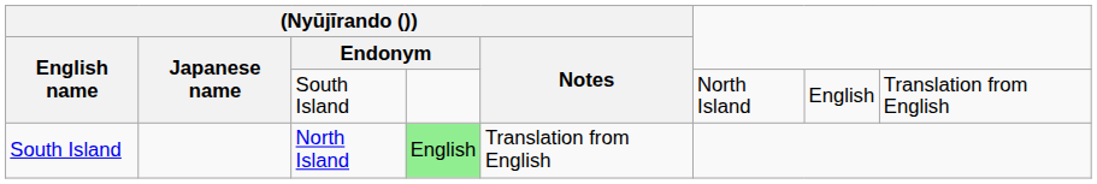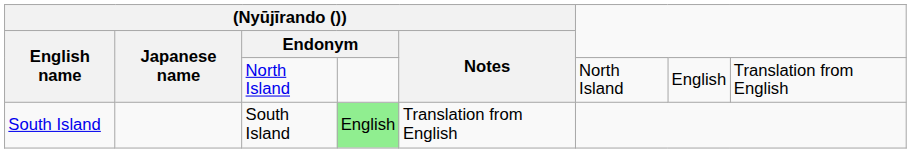 <table class="wikitable sortable">
 <tr>
 <th colspan="5"> (Nyūjīrando ())</th>
 </tr>
 <tr>
 <th rowspan="2">English name</th>
 <th rowspan="2">Japanese name</th>
 <th colspan="2">Endonym</th>
 <th rowspan="2">Notes</th>
 </tr>
 <tr>
-<td>South Island</td>
+<td><a href='#'>North Island</a></td>
 <td></td>
 <td>North Island</td>
 <td>English</td>
 <td>Translation from English</td>
 </tr>
 <tr>
 <td><a href='#'>South Island</a></td>
 <td></td>
-<td><a href='#'>North Island</a></td>
+<td>South Island</td>
 <td style="background: lightgreen;">English</td>
 <td>Translation from English</td>
 </tr>
 </table>
